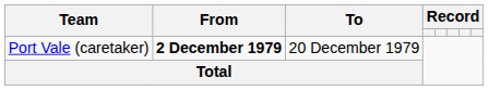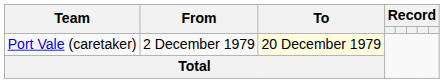 <table class="wikitable" style="text-align: center">
 <tr>
 <th rowspan=2>Team</th>
 <th rowspan=2>From</th>
 <th rowspan=2>To</th>
 <th colspan=5>Record</th>
 </tr>
 <tr>
 <th></th>
 <th></th>
 <th></th>
 <th></th>
 <th></th>
 </tr>
 <tr>
 <td align=left><a href='#'>Port Vale</a> (caretaker)</td>
-<td align=left><strong>2 December 1979</strong></td>
-<td align=left>20 December 1979<br></td>
+<td align=left>2 December 1979</td>
+<td align=left style="background: lightyellow;">20 December 1979<br></td>
 </tr>
 <tr>
 <th colspan=3>Total<br></th>
 </tr>
 </table>
